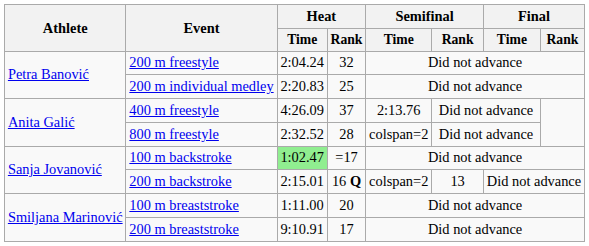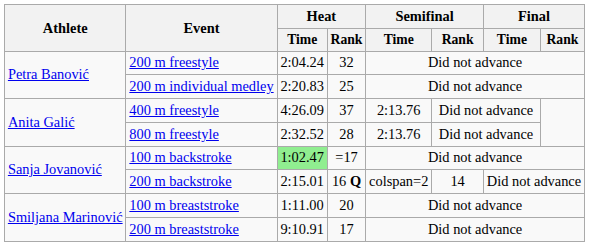 <table class=wikitable style="font-size:90%">
 <tr>
 <th rowspan="2">Athlete</th>
 <th rowspan="2">Event</th>
 <th colspan="2">Heat</th>
 <th colspan="2">Semifinal</th>
 <th colspan="2">Final</th>
 </tr>
 <tr style="font-size:95%">
 <th>Time</th>
 <th>Rank</th>
 <th>Time</th>
 <th>Rank</th>
 <th>Time</th>
 <th>Rank</th>
 </tr>
 <tr align=center>
 <td align=left rowspan=2><a href='#'>Petra Banović</a></td>
 <td align=left><a href='#'>200 m freestyle</a></td>
 <td>2:04.24</td>
 <td>32</td>
 <td colspan=4>Did not advance</td>
 </tr>
 <tr align=center>
 <td align=left><a href='#'>200 m individual medley</a></td>
 <td>2:20.83</td>
 <td>25</td>
 <td colspan=4>Did not advance</td>
 </tr>
 <tr align=center>
 <td align=left rowspan=2><a href='#'>Anita Galić</a></td>
 <td align=left><a href='#'>400 m freestyle</a></td>
 <td>4:26.09</td>
 <td>37</td>
 <td>2:13.76</td>
 <td colspan=2>Did not advance</td>
 </tr>
 <tr align=center>
 <td align=left><a href='#'>800 m freestyle</a></td>
 <td>2:32.52</td>
 <td>28</td>
-<td>colspan=2 </td>
+<td>2:13.76</td>
 <td colspan=2>Did not advance</td>
 </tr>
 <tr align=center>
 <td align=left rowspan=2><a href='#'>Sanja Jovanović</a></td>
 <td align=left><a href='#'>100 m backstroke</a></td>
 <td style="background: lightgreen;">1:02.47</td>
 <td>=17</td>
 <td colspan=4>Did not advance</td>
 </tr>
 <tr align=center>
 <td align=left><a href='#'>200 m backstroke</a></td>
 <td>2:15.01</td>
 <td>16 <strong>Q</strong></td>
 <td>colspan=2 </td>
-<td>13</td>
+<td>14</td>
 <td colspan=2>Did not advance</td>
 </tr>
 <tr align=center>
 <td align=left rowspan=2><a href='#'>Smiljana Marinović</a></td>
 <td align=left><a href='#'>100 m breaststroke</a></td>
 <td>1:11.00</td>
 <td>20</td>
 <td colspan=4>Did not advance</td>
 </tr>
 <tr align=center>
 <td align=left><a href='#'>200 m breaststroke</a></td>
 <td>9:10.91</td>
 <td>17</td>
 <td colspan=4>Did not advance</td>
 </tr>
 </table>
